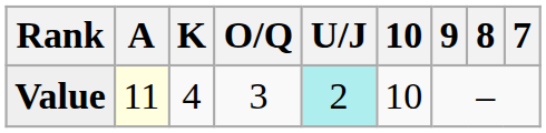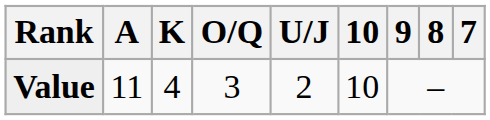 <table class="wikitable" align="right">
 <tr>
 <th>Rank</th>
 <th>A</th>
 <th>K</th>
 <th>O/Q</th>
 <th>U/J</th>
 <th>10</th>
 <th>9</th>
 <th>8</th>
 <th>7</th>
 </tr>
 <tr align="center">
 <td style="background:#efefef;"><strong>Value</strong></td>
-<td style="background: lightyellow;">11</td>
+<td>11</td>
 <td>4</td>
 <td>3</td>
-<td style="background: paleturquoise;">2</td>
+<td>2</td>
 <td>10</td>
 <td colspan=3>–</td>
 </tr>
 </table>
